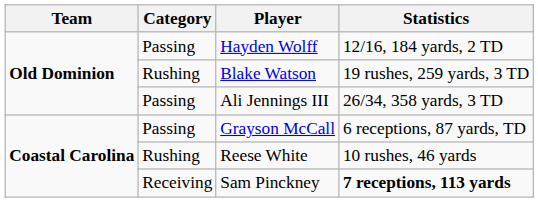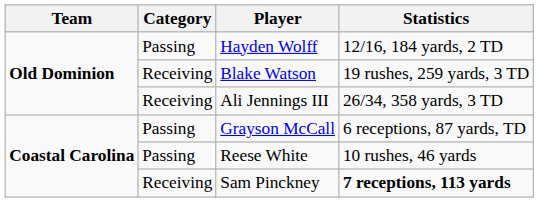 <table class="wikitable" style="float: right;">
 <tr>
 <th>Team</th>
 <th>Category</th>
 <th>Player</th>
 <th>Statistics</th>
 </tr>
 <tr>
 <td rowspan=3><strong>Old Dominion</strong></td>
 <td>Passing</td>
 <td><a href='#'>Hayden Wolff</a></td>
 <td>12/16, 184 yards, 2 TD</td>
 </tr>
 <tr>
-<td>Rushing</td>
+<td>Receiving</td>
 <td><a href='#'>Blake Watson</a></td>
 <td>19 rushes, 259 yards, 3 TD</td>
 </tr>
 <tr>
-<td>Passing</td>
+<td>Receiving</td>
 <td>Ali Jennings III</td>
 <td>26/34, 358 yards, 3 TD</td>
 </tr>
 <tr>
 <td rowspan=3><strong>Coastal Carolina</strong></td>
 <td>Passing</td>
 <td><a href='#'>Grayson McCall</a></td>
 <td>6 receptions, 87 yards, TD</td>
 </tr>
 <tr>
-<td>Rushing</td>
+<td>Passing</td>
 <td>Reese White</td>
 <td>10 rushes, 46 yards</td>
 </tr>
 <tr>
 <td>Receiving</td>
 <td>Sam Pinckney</td>
 <td><strong>7 receptions, 113 yards</strong></td>
 </tr>
 </table>
